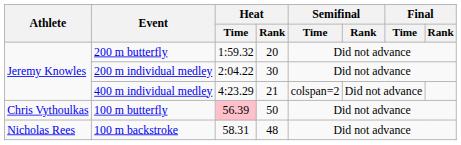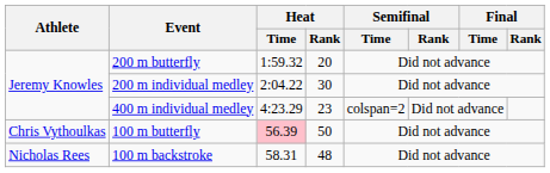 <table class=wikitable style="font-size:90%">
 <tr>
 <th rowspan="2">Athlete</th>
 <th rowspan="2">Event</th>
 <th colspan="2">Heat</th>
 <th colspan="2">Semifinal</th>
 <th colspan="2">Final</th>
 </tr>
 <tr style="font-size:95%">
 <th>Time</th>
 <th>Rank</th>
 <th>Time</th>
 <th>Rank</th>
 <th>Time</th>
 <th>Rank</th>
 </tr>
 <tr align=center>
 <td align=left rowspan=3><a href='#'>Jeremy Knowles</a></td>
 <td align=left><a href='#'>200 m butterfly</a></td>
 <td>1:59.32</td>
 <td>20</td>
 <td colspan=4>Did not advance</td>
 </tr>
 <tr align=center>
 <td align=left><a href='#'>200 m individual medley</a></td>
 <td>2:04.22</td>
 <td>30</td>
 <td colspan=4>Did not advance</td>
 </tr>
 <tr align=center>
 <td align=left><a href='#'>400 m individual medley</a></td>
 <td>4:23.29</td>
-<td>21</td>
+<td>23</td>
 <td>colspan=2 </td>
 <td colspan=2>Did not advance</td>
 </tr>
 <tr align=center>
 <td align=left><a href='#'>Chris Vythoulkas</a></td>
 <td align=left><a href='#'>100 m butterfly</a></td>
 <td style="background: pink;">56.39</td>
 <td>50</td>
 <td colspan=4>Did not advance</td>
 </tr>
 <tr align=center>
 <td align=left><a href='#'>Nicholas Rees</a></td>
 <td align=left><a href='#'>100 m backstroke</a></td>
 <td>58.31</td>
 <td>48</td>
 <td colspan=4>Did not advance</td>
 </tr>
 </table>
